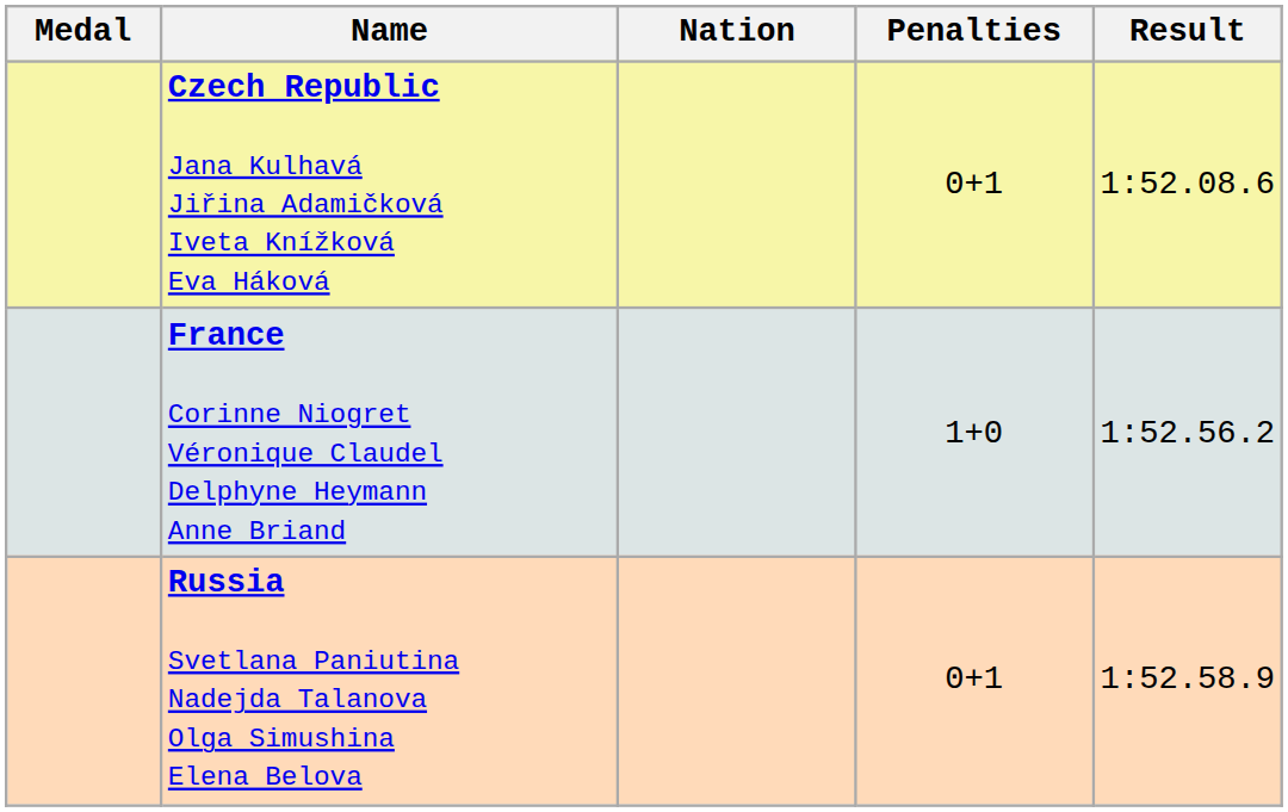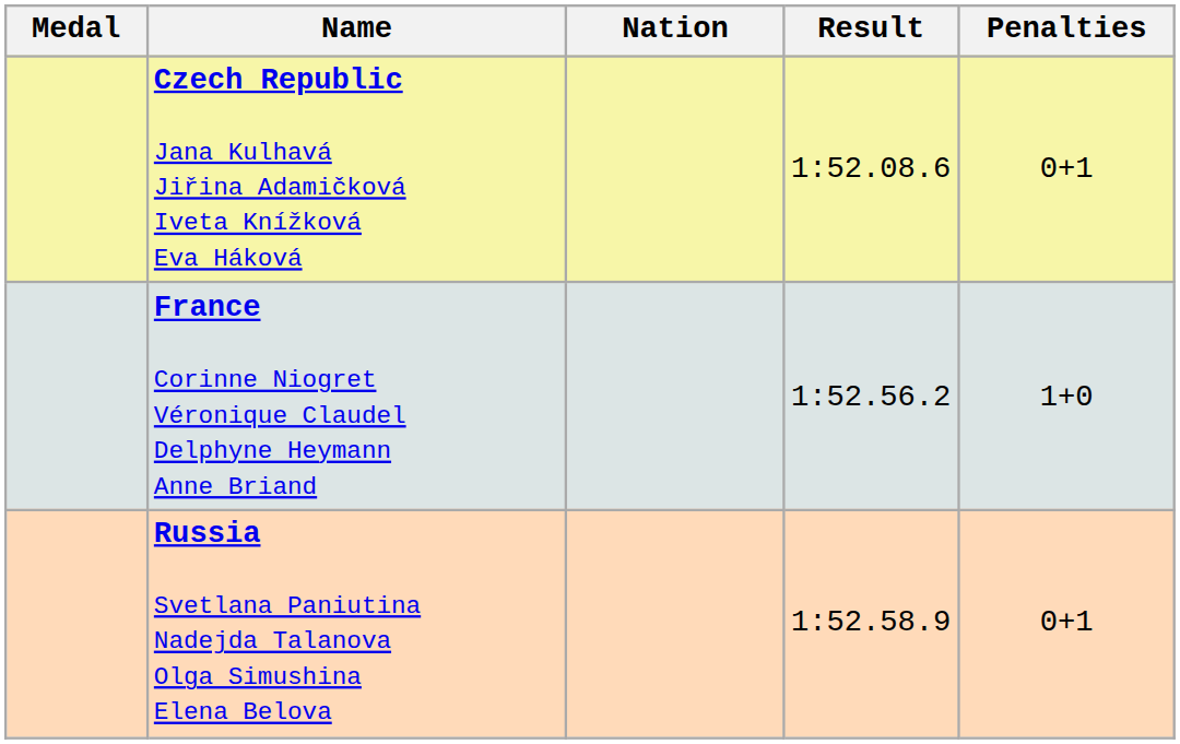 <table class=wikitable style="border:1px solid #AAAAAA;font-size:90%">
 <tr bgcolor="#E4E4E4">
 <th style="border-bottom:1px solid #AAAAAA" width=50>Medal</th>
 <th style="border-bottom:1px solid #AAAAAA" width=160>Name</th>
 <th style="border-bottom:1px solid #AAAAAA" width=80>Nation</th>
+<th style="border-bottom:1px solid #AAAAAA" width=60>Result</th>
 <th style="border-bottom:1px solid #AAAAAA" width=80>Penalties</th>
-<th style="border-bottom:1px solid #AAAAAA" width=60>Result</th>
 </tr>
 <tr bgcolor="#F7F6A8">
 <td align="center"></td>
 <td><strong><a href='#'>Czech Republic</a></strong><br><br><small><a href='#'>Jana Kulhavá</a><br><a href='#'>Jiřina Adamičková</a><br><a href='#'>Iveta Knížková</a><br><a href='#'>Eva Háková</a></small></td>
 <td></td>
+<td align="center">1:52.08.6</td>
 <td align="center">0+1</td>
-<td align="center">1:52.08.6</td>
 </tr>
 <tr bgcolor="#DCE5E5">
 <td align="center"></td>
 <td><strong><a href='#'>France</a></strong><br><br><small><a href='#'>Corinne Niogret</a><br><a href='#'>Véronique Claudel</a><br><a href='#'>Delphyne Heymann</a><br><a href='#'>Anne Briand</a></small></td>
 <td></td>
+<td align="right">1:52.56.2</td>
 <td align="center">1+0</td>
-<td align="right">1:52.56.2</td>
 </tr>
 <tr bgcolor="#FFDAB9">
 <td align="center"></td>
 <td><strong><a href='#'>Russia</a></strong><br><br><small><a href='#'>Svetlana Paniutina</a><br><a href='#'>Nadejda Talanova</a><br><a href='#'>Olga Simushina</a><br><a href='#'>Elena Belova</a></small></td>
 <td> </td>
+<td align="right">1:52.58.9</td>
 <td align="center">0+1</td>
-<td align="right">1:52.58.9</td>
 </tr>
 </table>
